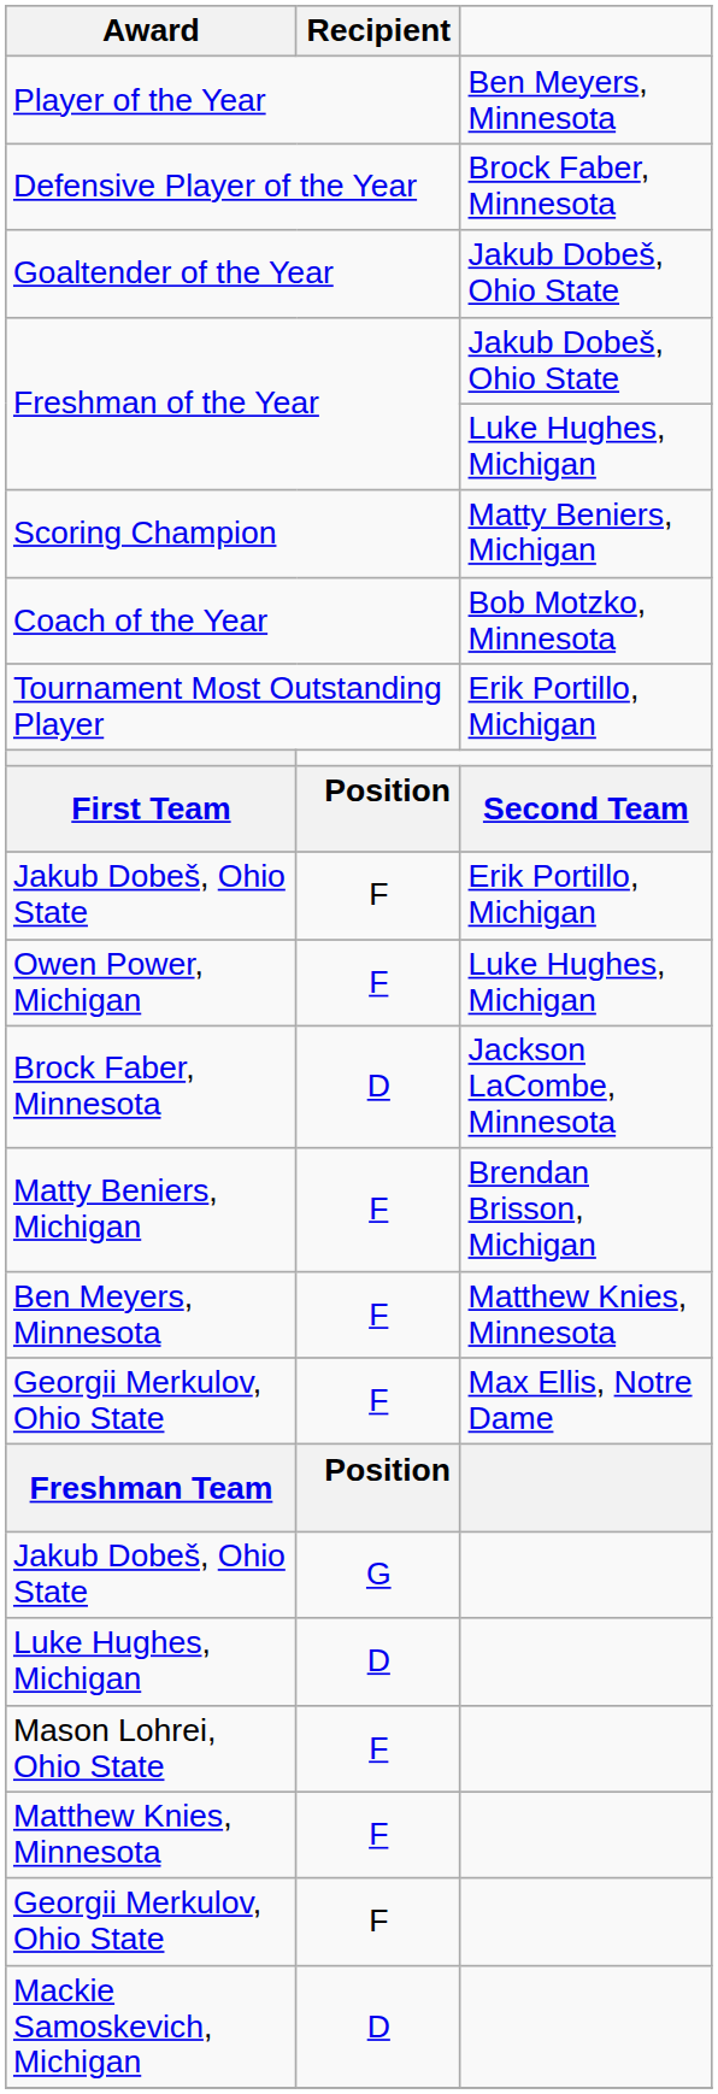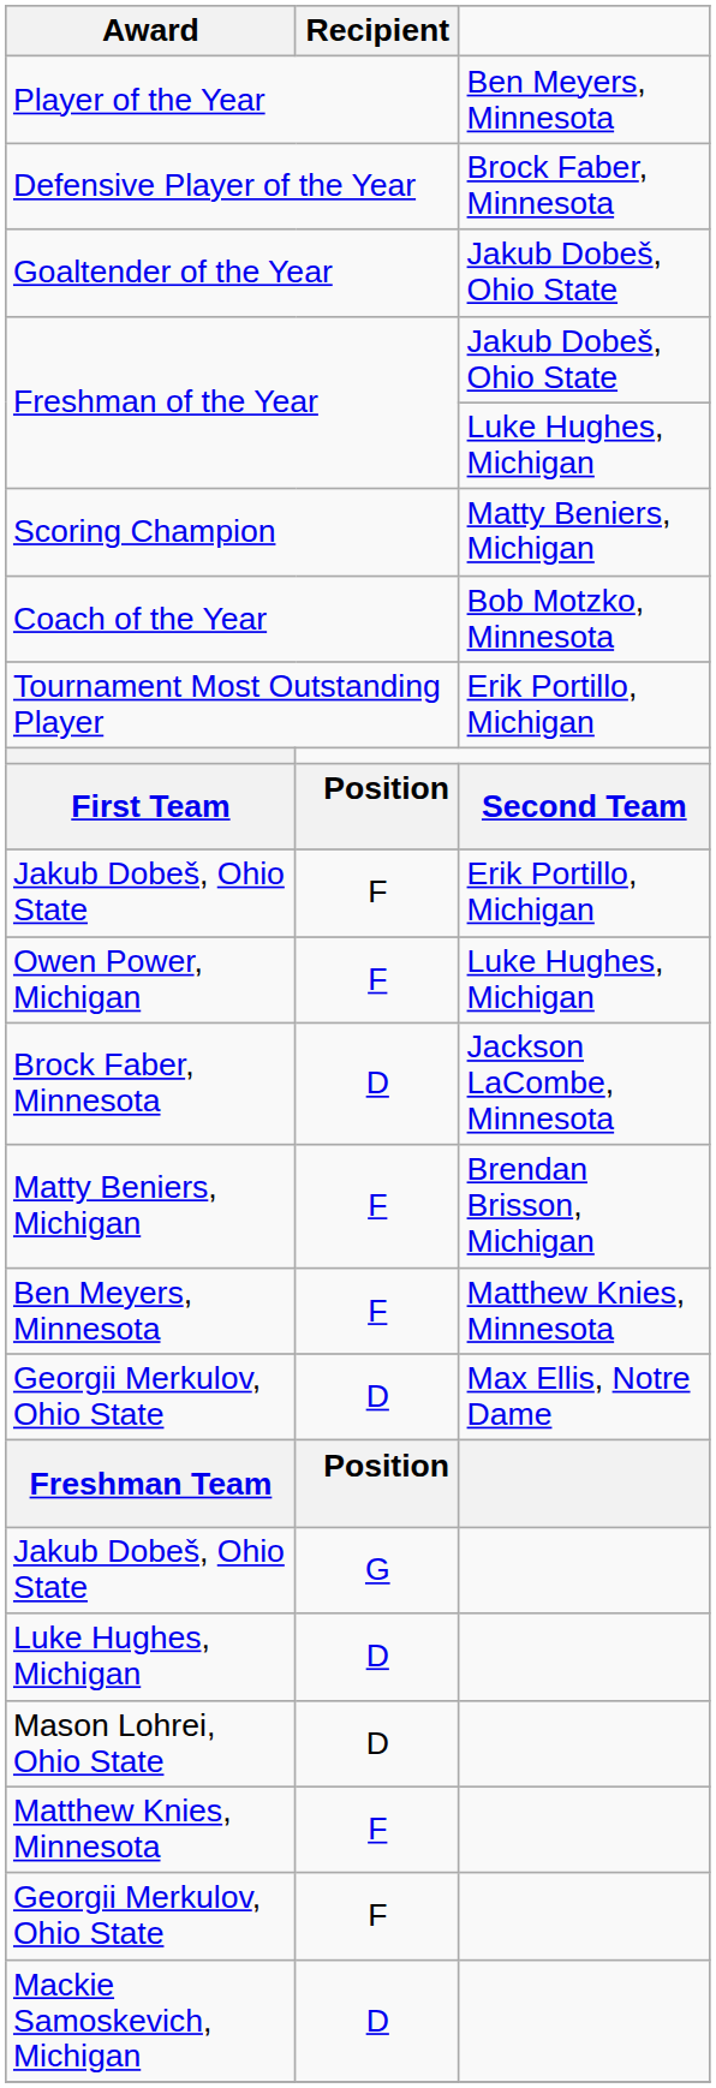 <table class="wikitable" width=40%>
 <tr>
 <th>Award</th>
 <th>Recipient </th>
 </tr>
 <tr>
 <td colspan=2><a href='#'>Player of the Year</a></td>
 <td><a href='#'>Ben Meyers</a>, <a href='#'>Minnesota</a></td>
 </tr>
 <tr>
 <td colspan=2><a href='#'>Defensive Player of the Year</a></td>
 <td><a href='#'>Brock Faber</a>, <a href='#'>Minnesota</a></td>
 </tr>
 <tr>
 <td colspan=2><a href='#'>Goaltender of the Year</a></td>
 <td><a href='#'>Jakub Dobeš</a>, <a href='#'>Ohio State</a></td>
 </tr>
 <tr>
 <td colspan=2, rowspan=2><a href='#'>Freshman of the Year</a></td>
 <td><a href='#'>Jakub Dobeš</a>, <a href='#'>Ohio State</a></td>
 </tr>
 <tr>
 <td><a href='#'>Luke Hughes</a>, <a href='#'>Michigan</a></td>
 </tr>
 <tr>
 <td colspan=2><a href='#'>Scoring Champion</a></td>
 <td><a href='#'>Matty Beniers</a>, <a href='#'>Michigan</a></td>
 </tr>
 <tr>
 <td colspan=2><a href='#'>Coach of the Year</a></td>
 <td><a href='#'>Bob Motzko</a>, <a href='#'>Minnesota</a></td>
 </tr>
 <tr>
 <td colspan=2><a href='#'>Tournament Most Outstanding Player</a></td>
 <td><a href='#'>Erik Portillo</a>, <a href='#'>Michigan</a></td>
 </tr>
 <tr>
 <th><a href='#'></a></th>
 </tr>
 <tr>
 <th><a href='#'>First Team</a></th>
 <th>  Position  </th>
 <th><a href='#'>Second Team</a></th>
 </tr>
 <tr>
 <td><a href='#'>Jakub Dobeš</a>, <a href='#'>Ohio State</a></td>
 <td align=center>F</td>
 <td><a href='#'>Erik Portillo</a>, <a href='#'>Michigan</a></td>
 </tr>
 <tr>
 <td><a href='#'>Owen Power</a>, <a href='#'>Michigan</a></td>
 <td align=center><a href='#'>F</a></td>
 <td><a href='#'>Luke Hughes</a>, <a href='#'>Michigan</a></td>
 </tr>
 <tr>
 <td><a href='#'>Brock Faber</a>, <a href='#'>Minnesota</a></td>
 <td align=center><a href='#'>D</a></td>
 <td><a href='#'>Jackson LaCombe</a>, <a href='#'>Minnesota</a></td>
 </tr>
 <tr>
 <td><a href='#'>Matty Beniers</a>, <a href='#'>Michigan</a></td>
 <td align=center><a href='#'>F</a></td>
 <td><a href='#'>Brendan Brisson</a>, <a href='#'>Michigan</a></td>
 </tr>
 <tr>
 <td><a href='#'>Ben Meyers</a>, <a href='#'>Minnesota</a></td>
 <td align=center><a href='#'>F</a></td>
 <td><a href='#'>Matthew Knies</a>, <a href='#'>Minnesota</a></td>
 </tr>
 <tr>
 <td><a href='#'>Georgii Merkulov</a>, <a href='#'>Ohio State</a></td>
-<td align=center><a href='#'>F</a></td>
+<td align=center><a href='#'>D</a></td>
 <td><a href='#'>Max Ellis</a>, <a href='#'>Notre Dame</a></td>
 </tr>
 <tr>
 <th><a href='#'>Freshman Team</a></th>
 <th>  Position  </th>
 <th></th>
 </tr>
 <tr>
 <td><a href='#'>Jakub Dobeš</a>, <a href='#'>Ohio State</a></td>
 <td align=center><a href='#'>G</a></td>
 <td></td>
 </tr>
 <tr>
 <td><a href='#'>Luke Hughes</a>, <a href='#'>Michigan</a></td>
 <td align=center><a href='#'>D</a></td>
 <td></td>
 </tr>
 <tr>
 <td>Mason Lohrei, <a href='#'>Ohio State</a></td>
-<td align=center><a href='#'>F</a></td>
+<td align=center>D</td>
 <td></td>
 </tr>
 <tr>
 <td><a href='#'>Matthew Knies</a>, <a href='#'>Minnesota</a></td>
 <td align=center><a href='#'>F</a></td>
 <td></td>
 </tr>
 <tr>
 <td><a href='#'>Georgii Merkulov</a>, <a href='#'>Ohio State</a></td>
 <td align=center>F</td>
 <td></td>
 </tr>
 <tr>
 <td><a href='#'>Mackie Samoskevich</a>, <a href='#'>Michigan</a></td>
 <td align=center><a href='#'>D</a></td>
 <td></td>
 </tr>
 <tr>
 </tr>
 </table>
